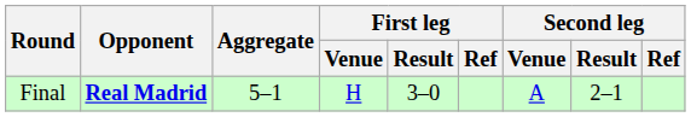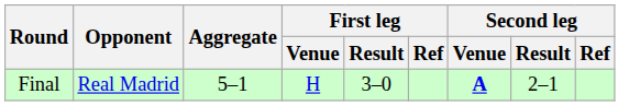 <table class="wikitable" style="font-size:100%; text-align:center">
 <tr>
 <th rowspan="2">Round</th>
 <th rowspan="2">Opponent</th>
 <th rowspan="2">Aggregate</th>
 <th colspan="3">First leg</th>
 <th colspan="3">Second leg</th>
 </tr>
 <tr>
 <th>Venue</th>
 <th>Result</th>
 <th>Ref</th>
 <th>Venue</th>
 <th>Result</th>
 <th>Ref</th>
 </tr>
 <tr style="background:#CCFFCC">
 <td>Final</td>
-<td><strong><a href='#'>Real Madrid</a></strong></td>
+<td><a href='#'>Real Madrid</a></td>
 <td>5–1</td>
 <td><a href='#'>H</a></td>
 <td>3–0</td>
 <td></td>
-<td><a href='#'>A</a></td>
+<td><strong><a href='#'>A</a></strong></td>
 <td>2–1</td>
 <td></td>
 </tr>
 </table>
